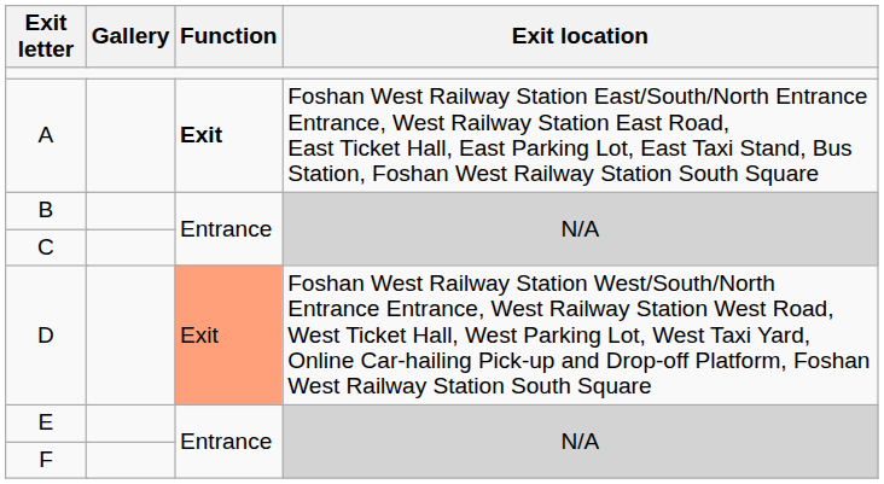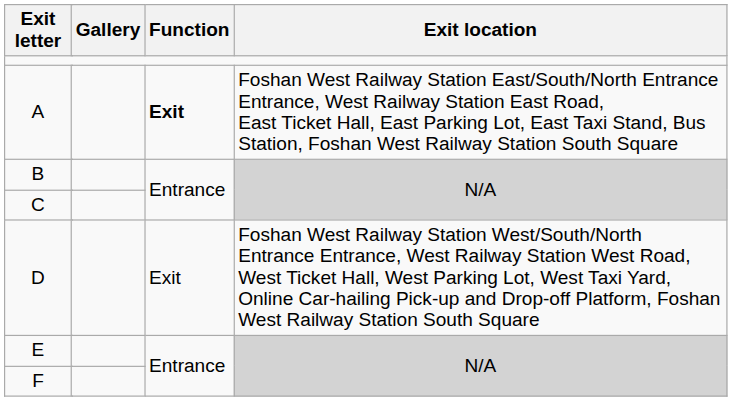 <table class="wikitable">
 <tr>
 <th colspan=2 style="width:70px">Exit letter</th>
 <th>Gallery</th>
 <th>Function</th>
 <th>Exit location</th>
 </tr>
 <tr style="background:#">
 <td colspan="5"></td>
 </tr>
 <tr>
 <td colspan=2 align=center>A</td>
 <td></td>
 <td><strong>Exit</strong></td>
 <td>Foshan West Railway Station East/South/North Entrance Entrance, West Railway Station East Road,<br>East Ticket Hall, East Parking Lot, East Taxi Stand, Bus Station, Foshan West Railway Station South Square</td>
 </tr>
 <tr>
 <td colspan=2 align=center>B</td>
 <td></td>
 <td rowspan=2>Entrance</td>
 <td rowspan=2 align=center bgcolor=lightgrey>N/A</td>
 </tr>
 <tr>
 <td colspan=2 align=center>C</td>
 <td></td>
 </tr>
 <tr>
 <td colspan=2 align=center>D</td>
 <td></td>
-<td style="background: lightsalmon;">Exit</td>
+<td>Exit</td>
 <td>Foshan West Railway Station West/South/North Entrance Entrance, West Railway Station West Road,<br>West Ticket Hall, West Parking Lot, West Taxi Yard, Online Car-hailing Pick-up and Drop-off Platform, Foshan West Railway Station South Square</td>
 </tr>
 <tr>
 <td colspan=2 align=center>E</td>
 <td></td>
 <td rowspan=2>Entrance</td>
 <td rowspan=2 align=center bgcolor=lightgrey>N/A</td>
 </tr>
 <tr>
 <td colspan=2 align=center>F</td>
 <td></td>
 </tr>
 </table>
